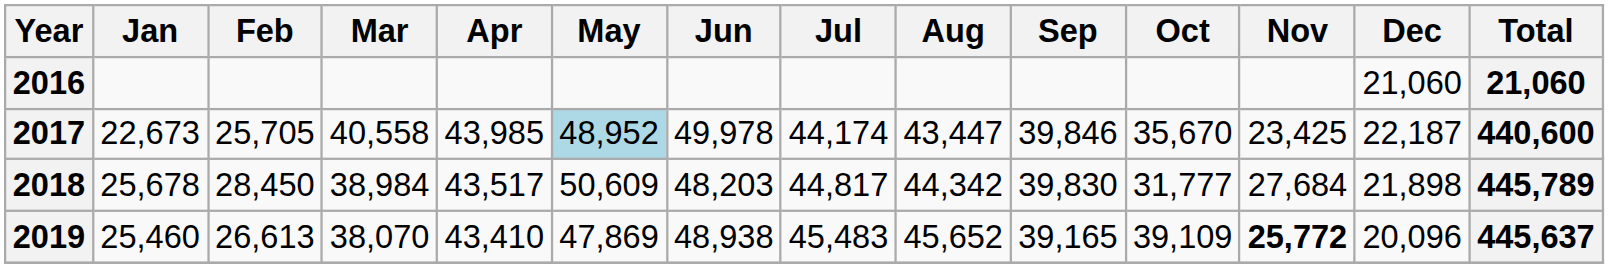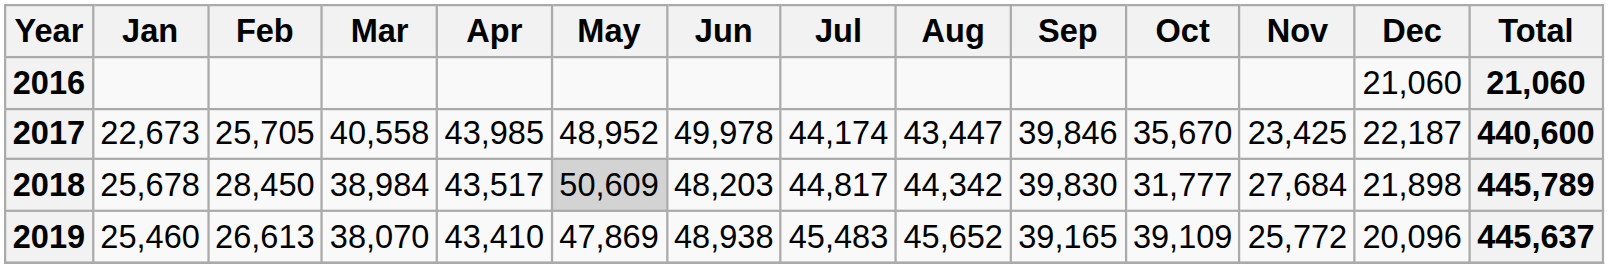 <table class=wikitable style="text-align:right; font-size:0.9em;">
 <tr>
 <th>Year</th>
 <th>Jan</th>
 <th>Feb</th>
 <th>Mar</th>
 <th>Apr</th>
 <th>May</th>
 <th>Jun</th>
 <th>Jul</th>
 <th>Aug</th>
 <th>Sep</th>
 <th>Oct</th>
 <th>Nov</th>
 <th>Dec</th>
 <th>Total</th>
 </tr>
 <tr>
 <th>2016</th>
 <td></td>
 <td></td>
 <td></td>
 <td></td>
 <td></td>
 <td></td>
 <td></td>
 <td></td>
 <td></td>
 <td></td>
 <td></td>
 <td>21,060</td>
 <th>21,060</th>
 </tr>
 <tr>
 <th>2017</th>
 <td>22,673</td>
 <td>25,705</td>
 <td>40,558</td>
 <td>43,985</td>
-<td style="background: lightblue;">48,952</td>
+<td>48,952</td>
 <td>49,978</td>
 <td>44,174</td>
 <td>43,447</td>
 <td>39,846</td>
 <td>35,670</td>
 <td>23,425</td>
 <td>22,187</td>
 <th>440,600</th>
 </tr>
 <tr>
 <th>2018</th>
 <td>25,678</td>
 <td>28,450</td>
 <td>38,984</td>
 <td>43,517</td>
-<td>50,609</td>
+<td style="background: lightgrey;">50,609</td>
 <td>48,203</td>
 <td>44,817</td>
 <td>44,342</td>
 <td>39,830</td>
 <td>31,777</td>
 <td>27,684</td>
 <td>21,898</td>
 <th>445,789</th>
 </tr>
 <tr>
 <th>2019</th>
 <td>25,460</td>
 <td>26,613</td>
 <td>38,070</td>
 <td>43,410</td>
 <td>47,869</td>
 <td>48,938</td>
 <td>45,483</td>
 <td>45,652</td>
 <td>39,165</td>
 <td>39,109</td>
-<td><strong>25,772</strong></td>
+<td>25,772</td>
 <td>20,096</td>
 <th>445,637</th>
 </tr>
 <tr>
 </tr>
 </table>
